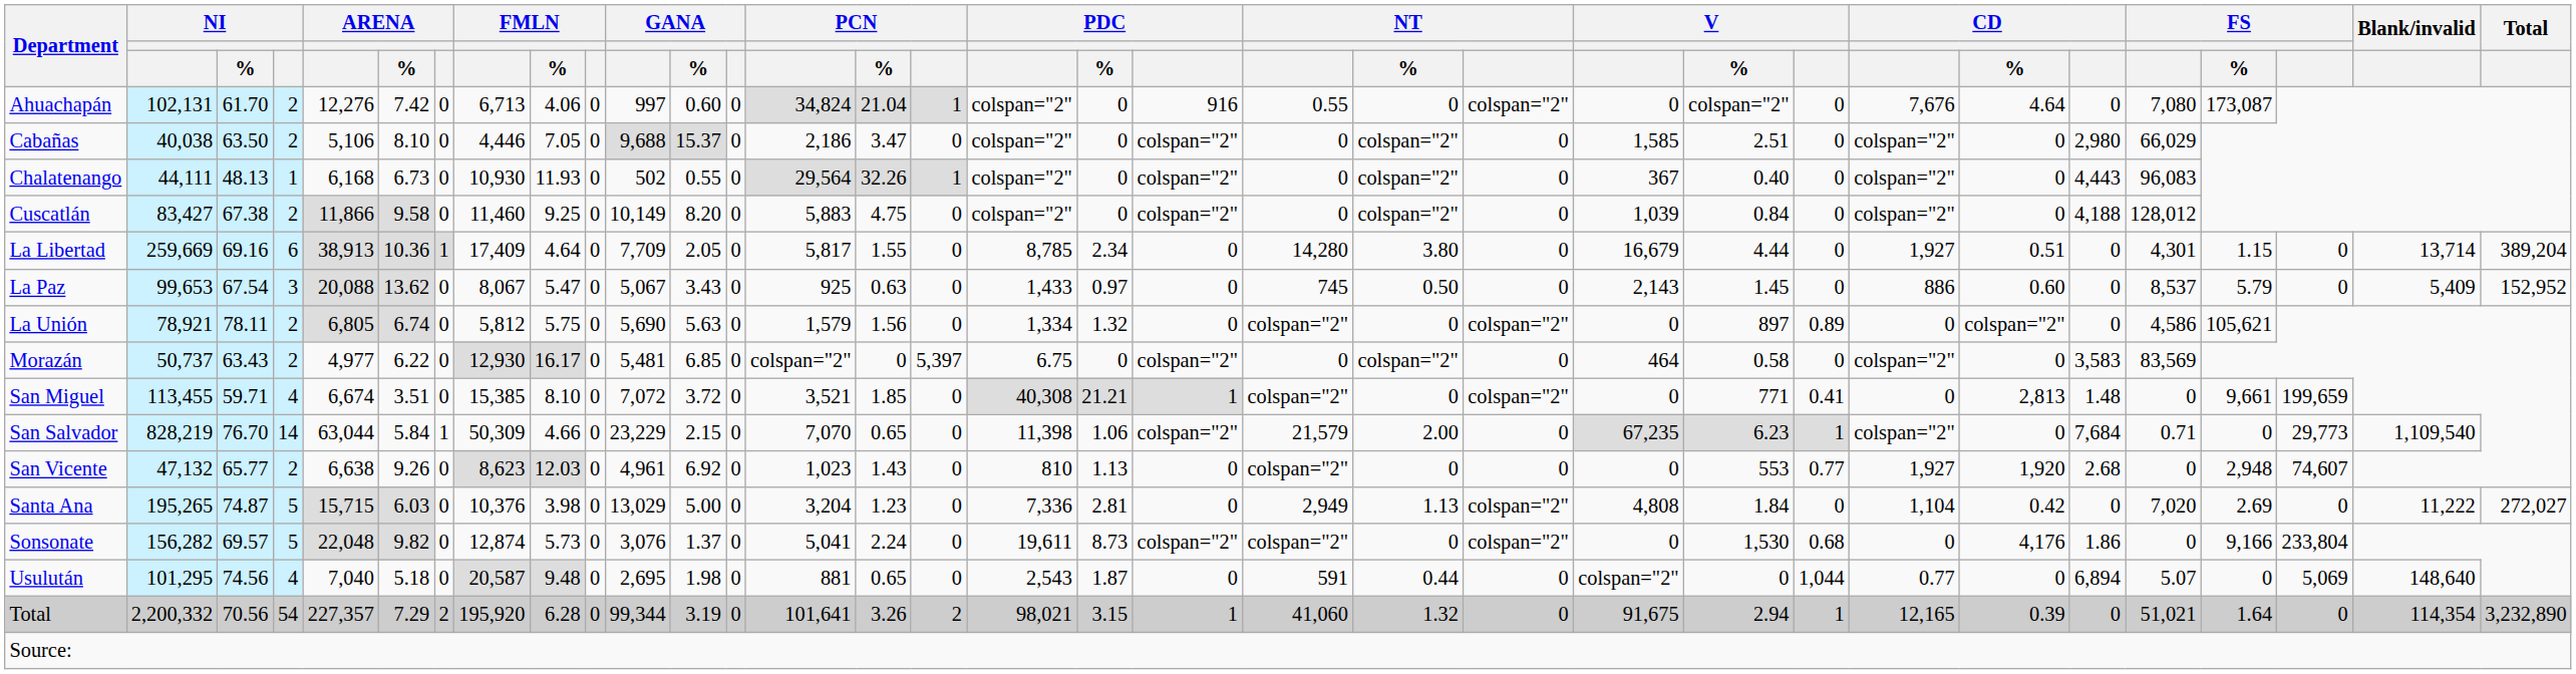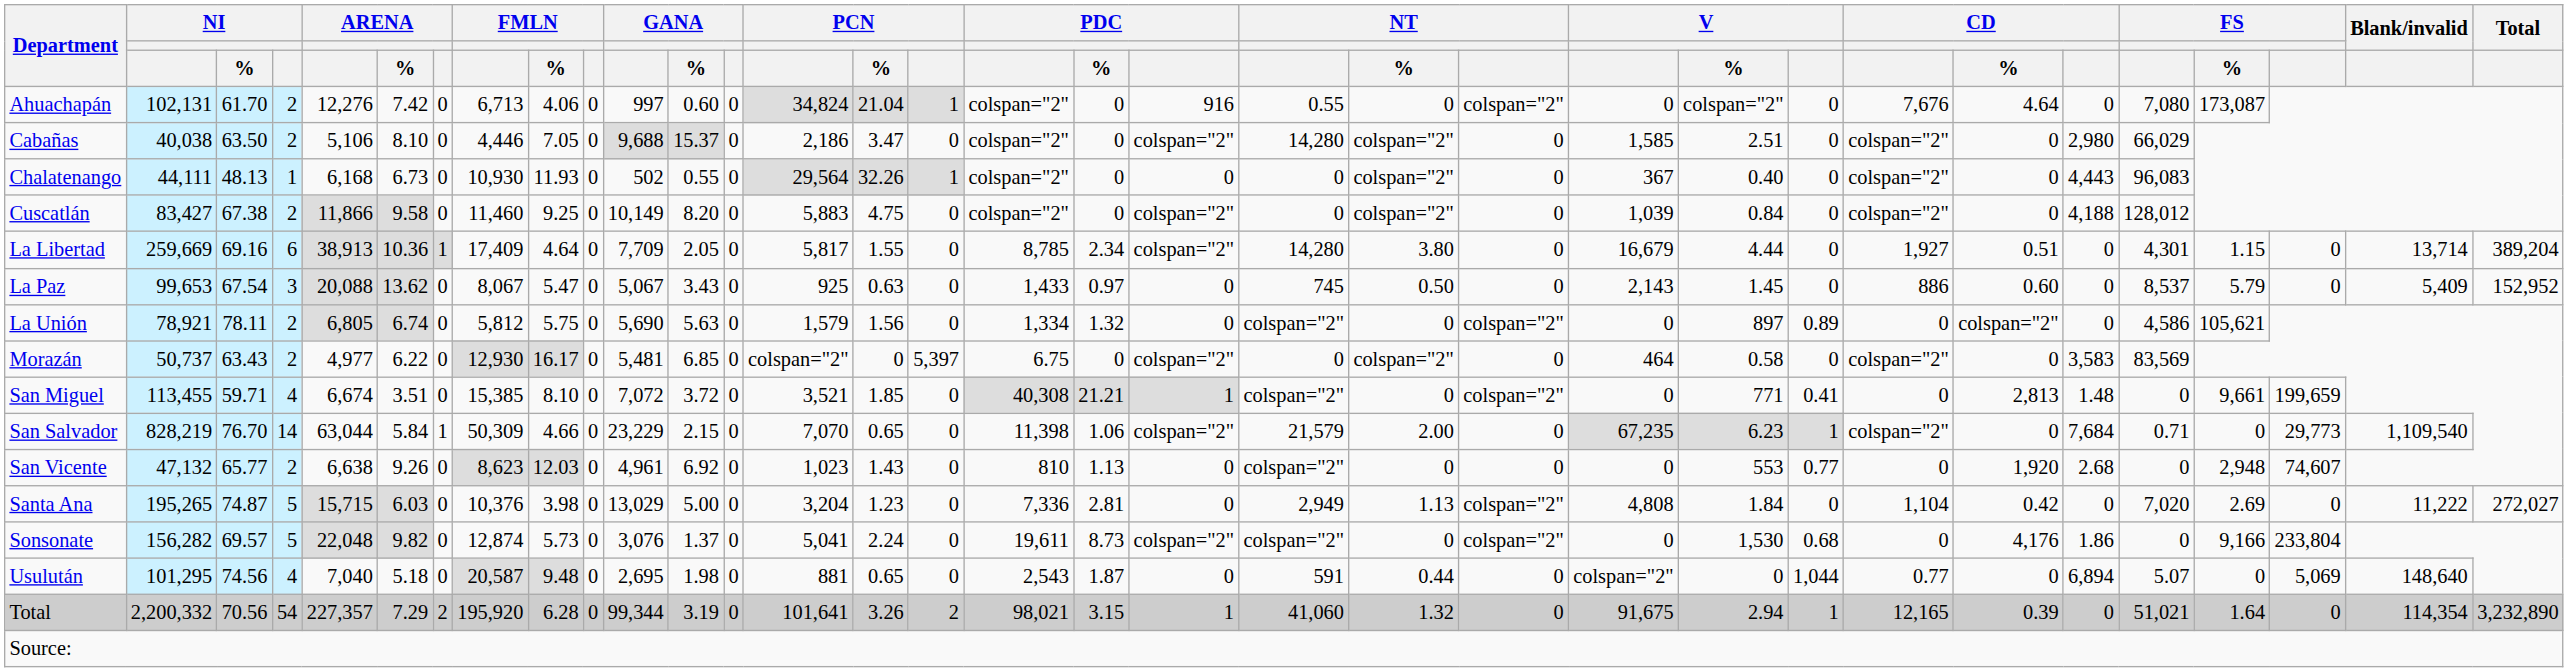 <table class="wikitable sortable" style="text-align:right; font-size:95%; line-height:20px;">
 <tr>
 <th rowspan="3"><a href='#'>Department</a></th>
 <th colspan="3"><a href='#'>NI</a></th>
 <th colspan="3"><a href='#'>ARENA</a></th>
 <th colspan="3"><a href='#'>FMLN</a></th>
 <th colspan="3"><a href='#'>GANA</a></th>
 <th colspan="3"><a href='#'>PCN</a></th>
 <th colspan="3"><a href='#'>PDC</a></th>
 <th colspan="3"><a href='#'>NT</a></th>
 <th colspan="3"><a href='#'>V</a></th>
 <th colspan="3"><a href='#'>CD</a></th>
 <th colspan="3"><a href='#'>FS</a></th>
 <th rowspan="2">Blank/invalid</th>
 <th rowspan="2">Total</th>
 </tr>
 <tr>
 <th colspan="3" style="background:"></th>
 <th colspan="3" style="background:"></th>
 <th colspan="3" style="background:"></th>
 <th colspan="3" style="background:"></th>
 <th colspan="3" style="background:"></th>
 <th colspan="3" style="background:"></th>
 <th colspan="3" style="background:"></th>
 <th colspan="3" style="background:"></th>
 <th colspan="3" style="background:"></th>
 <th colspan="3" style="background:"></th>
 </tr>
 <tr>
 <th data-sort-type="number"></th>
 <th data-sort-type="number">%</th>
 <th data-sort-type="number"></th>
 <th data-sort-type="number"></th>
 <th data-sort-type="number">%</th>
 <th data-sort-type="number"></th>
 <th data-sort-type="number"></th>
 <th data-sort-type="number">%</th>
 <th data-sort-type="number"></th>
 <th data-sort-type="number"></th>
 <th data-sort-type="number">%</th>
 <th data-sort-type="number"></th>
 <th data-sort-type="number"></th>
 <th data-sort-type="number">%</th>
 <th data-sort-type="number"></th>
 <th data-sort-type="number"></th>
 <th data-sort-type="number">%</th>
 <th data-sort-type="number"></th>
 <th data-sort-type="number"></th>
 <th data-sort-type="number">%</th>
 <th data-sort-type="number"></th>
 <th data-sort-type="number"></th>
 <th data-sort-type="number">%</th>
 <th data-sort-type="number"></th>
 <th data-sort-type="number"></th>
 <th data-sort-type="number">%</th>
 <th data-sort-type="number"></th>
 <th data-sort-type="number"></th>
 <th data-sort-type="number">%</th>
 <th data-sort-type="number"></th>
 <th data-sort-type="number"></th>
 <th data-sort-type="number"></th>
 </tr>
 <tr>
 <td align="left"><a href='#'>Ahuachapán</a></td>
 <td style="background:#CCF1FF;">102,131</td>
 <td style="background:#CCF1FF;">61.70</td>
 <td style="background:#CCF1FF;">2</td>
 <td>12,276</td>
 <td>7.42</td>
 <td>0</td>
 <td>6,713</td>
 <td>4.06</td>
 <td>0</td>
 <td>997</td>
 <td>0.60</td>
 <td>0</td>
 <td style="background:#DDD">34,824</td>
 <td style="background:#DDD">21.04</td>
 <td style="background:#DDD">1</td>
 <td>colspan="2" </td>
 <td>0</td>
 <td>916</td>
 <td>0.55</td>
 <td>0</td>
 <td>colspan="2" </td>
 <td>0</td>
 <td>colspan="2" </td>
 <td>0</td>
 <td>7,676</td>
 <td>4.64</td>
 <td>0</td>
 <td>7,080</td>
 <td>173,087</td>
 </tr>
 <tr>
 <td align="left"><a href='#'>Cabañas</a></td>
 <td style="background:#CCF1FF;">40,038</td>
 <td style="background:#CCF1FF;">63.50</td>
 <td style="background:#CCF1FF;">2</td>
 <td>5,106</td>
 <td>8.10</td>
 <td>0</td>
 <td>4,446</td>
 <td>7.05</td>
 <td>0</td>
 <td style="background:#DDD">9,688</td>
 <td style="background:#DDD">15.37</td>
 <td>0</td>
 <td>2,186</td>
 <td>3.47</td>
 <td>0</td>
 <td>colspan="2" </td>
 <td>0</td>
 <td>colspan="2" </td>
-<td>0</td>
+<td>14,280</td>
 <td>colspan="2" </td>
 <td>0</td>
 <td>1,585</td>
 <td>2.51</td>
 <td>0</td>
 <td>colspan="2" </td>
 <td>0</td>
 <td>2,980</td>
 <td>66,029</td>
 </tr>
 <tr>
 <td align="left"><a href='#'>Chalatenango</a></td>
 <td style="background:#CCF1FF;">44,111</td>
 <td style="background:#CCF1FF;">48.13</td>
 <td style="background:#CCF1FF;">1</td>
 <td>6,168</td>
 <td>6.73</td>
 <td>0</td>
 <td>10,930</td>
 <td>11.93</td>
 <td>0</td>
 <td>502</td>
 <td>0.55</td>
 <td>0</td>
 <td style="background:#DDD">29,564</td>
 <td style="background:#DDD">32.26</td>
 <td style="background:#DDD">1</td>
 <td>colspan="2" </td>
 <td>0</td>
-<td>colspan="2" </td>
+<td>0</td>
 <td>0</td>
 <td>colspan="2" </td>
 <td>0</td>
 <td>367</td>
 <td>0.40</td>
 <td>0</td>
 <td>colspan="2" </td>
 <td>0</td>
 <td>4,443</td>
 <td>96,083</td>
 </tr>
 <tr>
 <td align="left"><a href='#'>Cuscatlán</a></td>
 <td style="background:#CCF1FF;">83,427</td>
 <td style="background:#CCF1FF;">67.38</td>
 <td style="background:#CCF1FF;">2</td>
 <td style="background:#DDD">11,866</td>
 <td style="background:#DDD">9.58</td>
 <td>0</td>
 <td>11,460</td>
 <td>9.25</td>
 <td>0</td>
 <td>10,149</td>
 <td>8.20</td>
 <td>0</td>
 <td>5,883</td>
 <td>4.75</td>
 <td>0</td>
 <td>colspan="2" </td>
 <td>0</td>
 <td>colspan="2" </td>
 <td>0</td>
 <td>colspan="2" </td>
 <td>0</td>
 <td>1,039</td>
 <td>0.84</td>
 <td>0</td>
 <td>colspan="2" </td>
 <td>0</td>
 <td>4,188</td>
 <td>128,012</td>
 </tr>
 <tr>
 <td align="left"><a href='#'>La Libertad</a></td>
 <td style="background:#CCF1FF;">259,669</td>
 <td style="background:#CCF1FF;">69.16</td>
 <td style="background:#CCF1FF;">6</td>
 <td style="background:#DDD">38,913</td>
 <td style="background:#DDD">10.36</td>
 <td style="background:#DDD">1</td>
 <td>17,409</td>
 <td>4.64</td>
 <td>0</td>
 <td>7,709</td>
 <td>2.05</td>
 <td>0</td>
 <td>5,817</td>
 <td>1.55</td>
 <td>0</td>
 <td>8,785</td>
 <td>2.34</td>
-<td>0</td>
+<td>colspan="2" </td>
 <td>14,280</td>
 <td>3.80</td>
 <td>0</td>
 <td>16,679</td>
 <td>4.44</td>
 <td>0</td>
 <td>1,927</td>
 <td>0.51</td>
 <td>0</td>
 <td>4,301</td>
 <td>1.15</td>
 <td>0</td>
 <td>13,714</td>
 <td>389,204</td>
 </tr>
 <tr>
 <td align="left"><a href='#'>La Paz</a></td>
 <td style="background:#CCF1FF;">99,653</td>
 <td style="background:#CCF1FF;">67.54</td>
 <td style="background:#CCF1FF;">3</td>
 <td style="background:#DDD">20,088</td>
 <td style="background:#DDD">13.62</td>
 <td>0</td>
 <td>8,067</td>
 <td>5.47</td>
 <td>0</td>
 <td>5,067</td>
 <td>3.43</td>
 <td>0</td>
 <td>925</td>
 <td>0.63</td>
 <td>0</td>
 <td>1,433</td>
 <td>0.97</td>
 <td>0</td>
 <td>745</td>
 <td>0.50</td>
 <td>0</td>
 <td>2,143</td>
 <td>1.45</td>
 <td>0</td>
 <td>886</td>
 <td>0.60</td>
 <td>0</td>
 <td>8,537</td>
 <td>5.79</td>
 <td>0</td>
 <td>5,409</td>
 <td>152,952</td>
 </tr>
 <tr>
 <td align="left"><a href='#'>La Unión</a></td>
 <td style="background:#CCF1FF;">78,921</td>
 <td style="background:#CCF1FF;">78.11</td>
 <td style="background:#CCF1FF;">2</td>
 <td style="background:#DDD">6,805</td>
 <td style="background:#DDD">6.74</td>
 <td>0</td>
 <td>5,812</td>
 <td>5.75</td>
 <td>0</td>
 <td>5,690</td>
 <td>5.63</td>
 <td>0</td>
 <td>1,579</td>
 <td>1.56</td>
 <td>0</td>
 <td>1,334</td>
 <td>1.32</td>
 <td>0</td>
 <td>colspan="2" </td>
 <td>0</td>
 <td>colspan="2" </td>
 <td>0</td>
 <td>897</td>
 <td>0.89</td>
 <td>0</td>
 <td>colspan="2" </td>
 <td>0</td>
 <td>4,586</td>
 <td>105,621</td>
 </tr>
 <tr>
 <td align="left"><a href='#'>Morazán</a></td>
 <td style="background:#CCF1FF;">50,737</td>
 <td style="background:#CCF1FF;">63.43</td>
 <td style="background:#CCF1FF;">2</td>
 <td>4,977</td>
 <td>6.22</td>
 <td>0</td>
 <td style="background:#DDD">12,930</td>
 <td style="background:#DDD">16.17</td>
 <td>0</td>
 <td>5,481</td>
 <td>6.85</td>
 <td>0</td>
 <td>colspan="2" </td>
 <td>0</td>
 <td>5,397</td>
 <td>6.75</td>
 <td>0</td>
 <td>colspan="2" </td>
 <td>0</td>
 <td>colspan="2" </td>
 <td>0</td>
 <td>464</td>
 <td>0.58</td>
 <td>0</td>
 <td>colspan="2" </td>
 <td>0</td>
 <td>3,583</td>
 <td>83,569</td>
 </tr>
 <tr>
 <td align="left"><a href='#'>San Miguel</a></td>
 <td style="background:#CCF1FF;">113,455</td>
 <td style="background:#CCF1FF;">59.71</td>
 <td style="background:#CCF1FF;">4</td>
 <td>6,674</td>
 <td>3.51</td>
 <td>0</td>
 <td>15,385</td>
 <td>8.10</td>
 <td>0</td>
 <td>7,072</td>
 <td>3.72</td>
 <td>0</td>
 <td>3,521</td>
 <td>1.85</td>
 <td>0</td>
 <td style="background:#DDD">40,308</td>
 <td style="background:#DDD">21.21</td>
 <td style="background:#DDD">1</td>
 <td>colspan="2" </td>
 <td>0</td>
 <td>colspan="2" </td>
 <td>0</td>
 <td>771</td>
 <td>0.41</td>
 <td>0</td>
 <td>2,813</td>
 <td>1.48</td>
 <td>0</td>
 <td>9,661</td>
 <td>199,659</td>
 </tr>
 <tr>
 <td align="left"><a href='#'>San Salvador</a></td>
 <td style="background:#CCF1FF;">828,219</td>
 <td style="background:#CCF1FF;">76.70</td>
 <td style="background:#CCF1FF;">14</td>
 <td>63,044</td>
 <td>5.84</td>
 <td>1</td>
 <td>50,309</td>
 <td>4.66</td>
 <td>0</td>
 <td>23,229</td>
 <td>2.15</td>
 <td>0</td>
 <td>7,070</td>
 <td>0.65</td>
 <td>0</td>
 <td>11,398</td>
 <td>1.06</td>
 <td>colspan="2" </td>
 <td>21,579</td>
 <td>2.00</td>
 <td>0</td>
 <td style="background:#DDD">67,235</td>
 <td style="background:#DDD">6.23</td>
 <td style="background:#DDD">1</td>
 <td>colspan="2" </td>
 <td>0</td>
 <td>7,684</td>
 <td>0.71</td>
 <td>0</td>
 <td>29,773</td>
 <td>1,109,540</td>
 </tr>
 <tr>
 <td align="left"><a href='#'>San Vicente</a></td>
 <td style="background:#CCF1FF;">47,132</td>
 <td style="background:#CCF1FF;">65.77</td>
 <td style="background:#CCF1FF;">2</td>
 <td>6,638</td>
 <td>9.26</td>
 <td>0</td>
 <td style="background:#DDD">8,623</td>
 <td style="background:#DDD">12.03</td>
 <td>0</td>
 <td>4,961</td>
 <td>6.92</td>
 <td>0</td>
 <td>1,023</td>
 <td>1.43</td>
 <td>0</td>
 <td>810</td>
 <td>1.13</td>
 <td>0</td>
 <td>colspan="2" </td>
 <td>0</td>
 <td>0</td>
 <td>0</td>
 <td>553</td>
 <td>0.77</td>
-<td>1,927</td>
+<td>0</td>
 <td>1,920</td>
 <td>2.68</td>
 <td>0</td>
 <td>2,948</td>
 <td>74,607</td>
 </tr>
 <tr>
 <td align="left"><a href='#'>Santa Ana</a></td>
 <td style="background:#CCF1FF;">195,265</td>
 <td style="background:#CCF1FF;">74.87</td>
 <td style="background:#CCF1FF;">5</td>
 <td style="background:#DDD">15,715</td>
 <td style="background:#DDD">6.03</td>
 <td>0</td>
 <td>10,376</td>
 <td>3.98</td>
 <td>0</td>
 <td>13,029</td>
 <td>5.00</td>
 <td>0</td>
 <td>3,204</td>
 <td>1.23</td>
 <td>0</td>
 <td>7,336</td>
 <td>2.81</td>
 <td>0</td>
 <td>2,949</td>
 <td>1.13</td>
 <td>colspan="2" </td>
 <td>4,808</td>
 <td>1.84</td>
 <td>0</td>
 <td>1,104</td>
 <td>0.42</td>
 <td>0</td>
 <td>7,020</td>
 <td>2.69</td>
 <td>0</td>
 <td>11,222</td>
 <td>272,027</td>
 </tr>
 <tr>
 <td align="left"><a href='#'>Sonsonate</a></td>
 <td style="background:#CCF1FF;">156,282</td>
 <td style="background:#CCF1FF;">69.57</td>
 <td style="background:#CCF1FF;">5</td>
 <td style="background:#DDD">22,048</td>
 <td style="background:#DDD">9.82</td>
 <td>0</td>
 <td>12,874</td>
 <td>5.73</td>
 <td>0</td>
 <td>3,076</td>
 <td>1.37</td>
 <td>0</td>
 <td>5,041</td>
 <td>2.24</td>
 <td>0</td>
 <td>19,611</td>
 <td>8.73</td>
 <td>colspan="2" </td>
 <td>colspan="2" </td>
 <td>0</td>
 <td>colspan="2" </td>
 <td>0</td>
 <td>1,530</td>
 <td>0.68</td>
 <td>0</td>
 <td>4,176</td>
 <td>1.86</td>
 <td>0</td>
 <td>9,166</td>
 <td>233,804</td>
 </tr>
 <tr>
 <td align="left"><a href='#'>Usulután</a></td>
 <td style="background:#CCF1FF;">101,295</td>
 <td style="background:#CCF1FF;">74.56</td>
 <td style="background:#CCF1FF;">4</td>
 <td>7,040</td>
 <td>5.18</td>
 <td>0</td>
 <td style="background:#DDD">20,587</td>
 <td style="background:#DDD">9.48</td>
 <td>0</td>
 <td>2,695</td>
 <td>1.98</td>
 <td>0</td>
 <td>881</td>
 <td>0.65</td>
 <td>0</td>
 <td>2,543</td>
 <td>1.87</td>
 <td>0</td>
 <td>591</td>
 <td>0.44</td>
 <td>0</td>
 <td>colspan="2" </td>
 <td>0</td>
 <td>1,044</td>
 <td>0.77</td>
 <td>0</td>
 <td>6,894</td>
 <td>5.07</td>
 <td>0</td>
 <td>5,069</td>
 <td>148,640</td>
 </tr>
 <tr style="background:#CDCDCD;">
 <td align="left">Total</td>
 <td>2,200,332</td>
 <td>70.56</td>
 <td>54</td>
 <td>227,357</td>
 <td>7.29</td>
 <td>2</td>
 <td>195,920</td>
 <td>6.28</td>
 <td>0</td>
 <td>99,344</td>
 <td>3.19</td>
 <td>0</td>
 <td>101,641</td>
 <td>3.26</td>
 <td>2</td>
 <td>98,021</td>
 <td>3.15</td>
 <td>1</td>
 <td>41,060</td>
 <td>1.32</td>
 <td>0</td>
 <td>91,675</td>
 <td>2.94</td>
 <td>1</td>
 <td>12,165</td>
 <td>0.39</td>
 <td>0</td>
 <td>51,021</td>
 <td>1.64</td>
 <td>0</td>
 <td>114,354</td>
 <td>3,232,890</td>
 </tr>
 <tr>
 <td align="left" colspan="33">Source: </td>
 </tr>
 </table>
